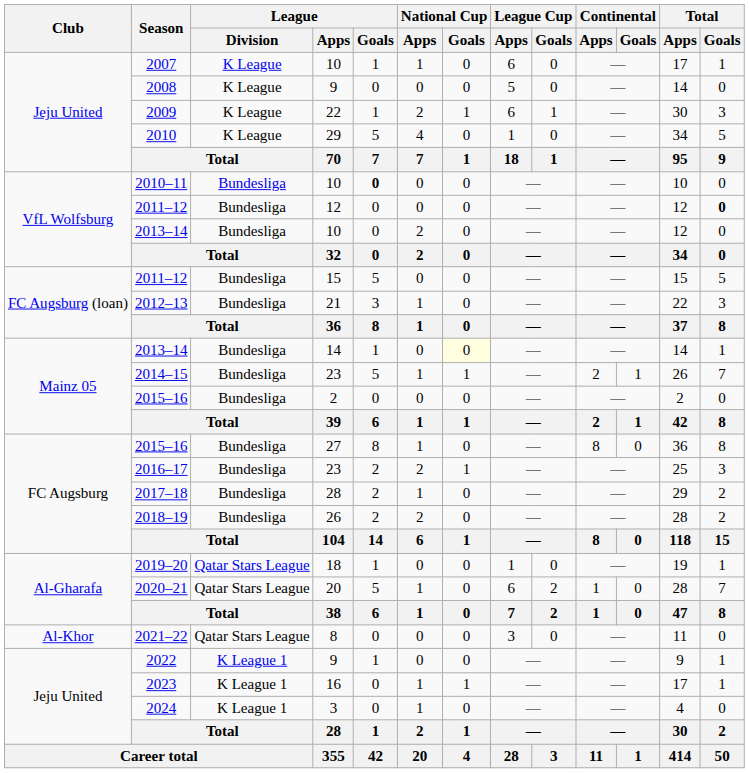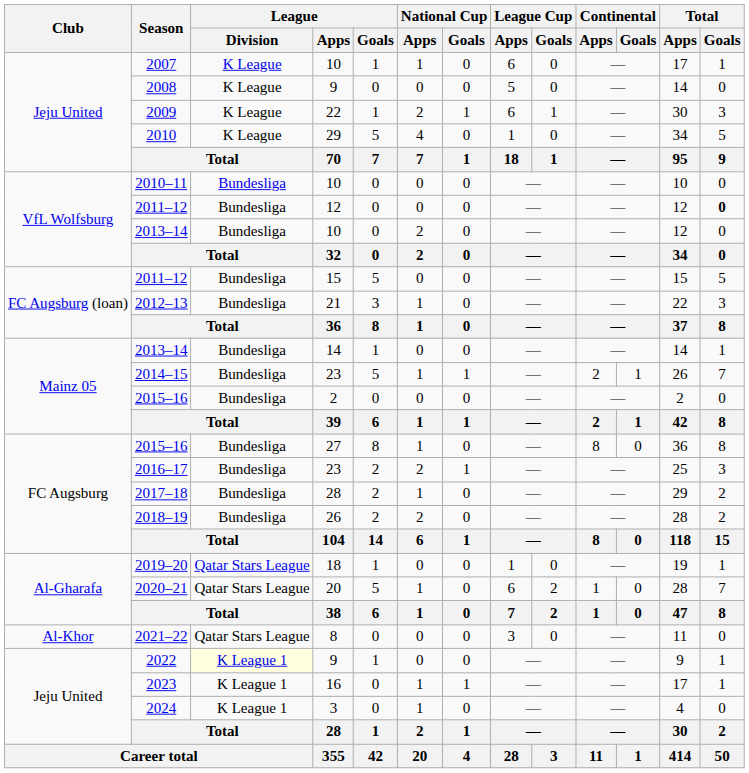 <table class="wikitable" Style="text-align: center">
 <tr>
 <th rowspan="2">Club</th>
 <th rowspan="2">Season</th>
 <th colspan="3">League</th>
 <th colspan="2">National Cup</th>
 <th colspan="2">League Cup</th>
 <th colspan="2">Continental</th>
 <th colspan="2">Total</th>
 </tr>
 <tr>
 <th>Division</th>
 <th>Apps</th>
 <th>Goals</th>
 <th>Apps</th>
 <th>Goals</th>
 <th>Apps</th>
 <th>Goals</th>
 <th>Apps</th>
 <th>Goals</th>
 <th>Apps</th>
 <th>Goals</th>
 </tr>
 <tr>
 <td rowspan="5"><a href='#'>Jeju United</a></td>
 <td><a href='#'>2007</a></td>
 <td><a href='#'>K League</a></td>
 <td>10</td>
 <td>1</td>
 <td>1</td>
 <td>0</td>
 <td>6</td>
 <td>0</td>
 <td colspan="2">—</td>
 <td>17</td>
 <td>1</td>
 </tr>
 <tr>
 <td><a href='#'>2008</a></td>
 <td>K League</td>
 <td>9</td>
 <td>0</td>
 <td>0</td>
 <td>0</td>
 <td>5</td>
 <td>0</td>
 <td colspan="2">—</td>
 <td>14</td>
 <td>0</td>
 </tr>
 <tr>
 <td><a href='#'>2009</a></td>
 <td>K League</td>
 <td>22</td>
 <td>1</td>
 <td>2</td>
 <td>1</td>
 <td>6</td>
 <td>1</td>
 <td colspan="2">—</td>
 <td>30</td>
 <td>3</td>
 </tr>
 <tr>
 <td><a href='#'>2010</a></td>
 <td>K League</td>
 <td>29</td>
 <td>5</td>
 <td>4</td>
 <td>0</td>
 <td>1</td>
 <td>0</td>
 <td colspan="2">—</td>
 <td>34</td>
 <td>5</td>
 </tr>
 <tr>
 <th colspan="2">Total</th>
 <th>70</th>
 <th>7</th>
 <th>7</th>
 <th>1</th>
 <th>18</th>
 <th>1</th>
 <th colspan="2">—</th>
 <th>95</th>
 <th>9</th>
 </tr>
 <tr>
 <td rowspan="4"><a href='#'>VfL Wolfsburg</a></td>
 <td><a href='#'>2010–11</a></td>
 <td><a href='#'>Bundesliga</a></td>
 <td>10</td>
-<td><strong>0</strong></td>
+<td>0</td>
 <td>0</td>
 <td>0</td>
 <td colspan="2">—</td>
 <td colspan="2">—</td>
 <td>10</td>
 <td>0</td>
 </tr>
 <tr>
 <td><a href='#'>2011–12</a></td>
 <td>Bundesliga</td>
 <td>12</td>
 <td>0</td>
 <td>0</td>
 <td>0</td>
 <td colspan="2">—</td>
 <td colspan="2">—</td>
 <td>12</td>
 <td><strong>0</strong></td>
 </tr>
 <tr>
 <td><a href='#'>2013–14</a></td>
 <td>Bundesliga</td>
 <td>10</td>
 <td>0</td>
 <td>2</td>
 <td>0</td>
 <td colspan="2">—</td>
 <td colspan="2">—</td>
 <td>12</td>
 <td>0</td>
 </tr>
 <tr>
 <th colspan="2">Total</th>
 <th>32</th>
 <th>0</th>
 <th>2</th>
 <th>0</th>
 <th colspan="2">—</th>
 <th colspan="2">—</th>
 <th>34</th>
 <th>0</th>
 </tr>
 <tr>
 <td rowspan="3"><a href='#'>FC Augsburg</a> (loan)</td>
 <td><a href='#'>2011–12</a></td>
 <td>Bundesliga</td>
 <td>15</td>
 <td>5</td>
 <td>0</td>
 <td>0</td>
 <td colspan="2">—</td>
 <td colspan="2">—</td>
 <td>15</td>
 <td>5</td>
 </tr>
 <tr>
 <td><a href='#'>2012–13</a></td>
 <td>Bundesliga</td>
 <td>21</td>
 <td>3</td>
 <td>1</td>
 <td>0</td>
 <td colspan="2">—</td>
 <td colspan="2">—</td>
 <td>22</td>
 <td>3</td>
 </tr>
 <tr>
 <th colspan="2">Total</th>
 <th>36</th>
 <th>8</th>
 <th>1</th>
 <th>0</th>
 <th colspan="2">—</th>
 <th colspan="2">—</th>
 <th>37</th>
 <th>8</th>
 </tr>
 <tr>
 <td rowspan="4"><a href='#'>Mainz 05</a></td>
 <td><a href='#'>2013–14</a></td>
 <td>Bundesliga</td>
 <td>14</td>
 <td>1</td>
 <td>0</td>
-<td style="background: lightyellow;">0</td>
+<td>0</td>
 <td colspan="2">—</td>
 <td colspan="2">—</td>
 <td>14</td>
 <td>1</td>
 </tr>
 <tr>
 <td><a href='#'>2014–15</a></td>
 <td>Bundesliga</td>
 <td>23</td>
 <td>5</td>
 <td>1</td>
 <td>1</td>
 <td colspan="2">—</td>
 <td>2</td>
 <td>1</td>
 <td>26</td>
 <td>7</td>
 </tr>
 <tr>
 <td><a href='#'>2015–16</a></td>
 <td>Bundesliga</td>
 <td>2</td>
 <td>0</td>
 <td>0</td>
 <td>0</td>
 <td colspan="2">—</td>
 <td colspan="2">—</td>
 <td>2</td>
 <td>0</td>
 </tr>
 <tr>
 <th colspan="2">Total</th>
 <th>39</th>
 <th>6</th>
 <th>1</th>
 <th>1</th>
 <th colspan="2">—</th>
 <th>2</th>
 <th>1</th>
 <th>42</th>
 <th>8</th>
 </tr>
 <tr>
 <td rowspan="5">FC Augsburg</td>
 <td><a href='#'>2015–16</a></td>
 <td>Bundesliga</td>
 <td>27</td>
 <td>8</td>
 <td>1</td>
 <td>0</td>
 <td colspan="2">—</td>
 <td>8</td>
 <td>0</td>
 <td>36</td>
 <td>8</td>
 </tr>
 <tr>
 <td><a href='#'>2016–17</a></td>
 <td>Bundesliga</td>
 <td>23</td>
 <td>2</td>
 <td>2</td>
 <td>1</td>
 <td colspan="2">—</td>
 <td colspan="2">—</td>
 <td>25</td>
 <td>3</td>
 </tr>
 <tr>
 <td><a href='#'>2017–18</a></td>
 <td>Bundesliga</td>
 <td>28</td>
 <td>2</td>
 <td>1</td>
 <td>0</td>
 <td colspan="2">—</td>
 <td colspan="2">—</td>
 <td>29</td>
 <td>2</td>
 </tr>
 <tr>
 <td><a href='#'>2018–19</a></td>
 <td>Bundesliga</td>
 <td>26</td>
 <td>2</td>
 <td>2</td>
 <td>0</td>
 <td colspan="2">—</td>
 <td colspan="2">—</td>
 <td>28</td>
 <td>2</td>
 </tr>
 <tr>
 <th colspan="2">Total</th>
 <th>104</th>
 <th>14</th>
 <th>6</th>
 <th>1</th>
 <th colspan="2">—</th>
 <th>8</th>
 <th>0</th>
 <th>118</th>
 <th>15</th>
 </tr>
 <tr>
 <td rowspan="3"><a href='#'>Al-Gharafa</a></td>
 <td><a href='#'>2019–20</a></td>
 <td><a href='#'>Qatar Stars League</a></td>
 <td>18</td>
 <td>1</td>
 <td>0</td>
 <td>0</td>
 <td>1</td>
 <td>0</td>
 <td colspan="2">—</td>
 <td>19</td>
 <td>1</td>
 </tr>
 <tr>
 <td><a href='#'>2020–21</a></td>
 <td>Qatar Stars League</td>
 <td>20</td>
 <td>5</td>
 <td>1</td>
 <td>0</td>
 <td>6</td>
 <td>2</td>
 <td>1</td>
 <td>0</td>
 <td>28</td>
 <td>7</td>
 </tr>
 <tr>
 <th colspan="2">Total</th>
 <th>38</th>
 <th>6</th>
 <th>1</th>
 <th>0</th>
 <th>7</th>
 <th>2</th>
 <th>1</th>
 <th>0</th>
 <th>47</th>
 <th>8</th>
 </tr>
 <tr>
 <td rowspan="1"><a href='#'>Al-Khor</a></td>
 <td><a href='#'>2021–22</a></td>
 <td>Qatar Stars League</td>
 <td>8</td>
 <td>0</td>
 <td>0</td>
 <td>0</td>
 <td>3</td>
 <td>0</td>
 <td colspan="2">—</td>
 <td>11</td>
 <td>0</td>
 </tr>
 <tr>
 <td rowspan="4">Jeju United</td>
 <td><a href='#'>2022</a></td>
-<td><a href='#'>K League 1</a></td>
+<td style="background: lightyellow;"><a href='#'>K League 1</a></td>
 <td>9</td>
 <td>1</td>
 <td>0</td>
 <td>0</td>
 <td colspan="2">—</td>
 <td colspan="2">—</td>
 <td>9</td>
 <td>1</td>
 </tr>
 <tr>
 <td><a href='#'>2023</a></td>
 <td>K League 1</td>
 <td>16</td>
 <td>0</td>
 <td>1</td>
 <td>1</td>
 <td colspan="2">—</td>
 <td colspan="2">—</td>
 <td>17</td>
 <td>1</td>
 </tr>
 <tr>
 <td><a href='#'>2024</a></td>
 <td>K League 1</td>
 <td>3</td>
 <td>0</td>
 <td>1</td>
 <td>0</td>
 <td colspan="2">—</td>
 <td colspan="2">—</td>
 <td>4</td>
 <td>0</td>
 </tr>
 <tr>
 <th colspan="2">Total</th>
 <th>28</th>
 <th>1</th>
 <th>2</th>
 <th>1</th>
 <th colspan="2">—</th>
 <th colspan="2">—</th>
 <th>30</th>
 <th>2</th>
 </tr>
 <tr>
 <th colspan="3">Career total</th>
 <th>355</th>
 <th>42</th>
 <th>20</th>
 <th>4</th>
 <th>28</th>
 <th>3</th>
 <th>11</th>
 <th>1</th>
 <th>414</th>
 <th>50</th>
 </tr>
 </table>
